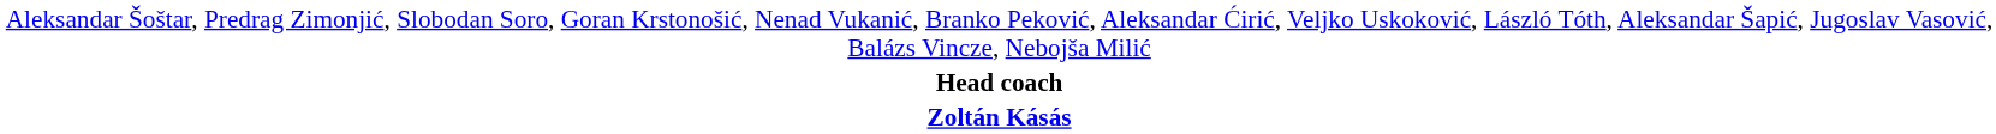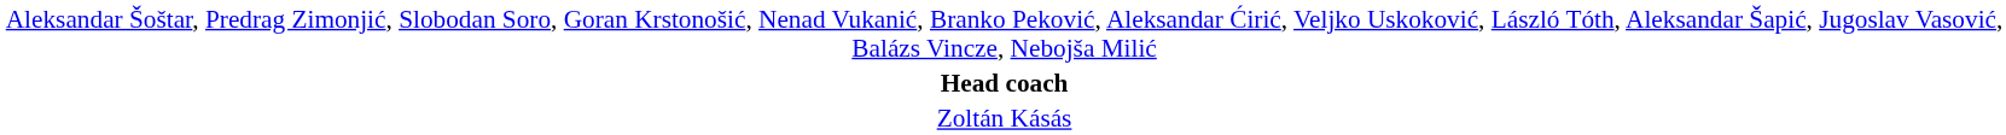 <table style="text-align: center; margin-top: 2em; margin-left: auto; margin-right: auto">
 <tr>
 <td><a href='#'>Aleksandar Šoštar</a>, <a href='#'>Predrag Zimonjić</a>, <a href='#'>Slobodan Soro</a>, <a href='#'>Goran Krstonošić</a>, <a href='#'>Nenad Vukanić</a>, <a href='#'>Branko Peković</a>, <a href='#'>Aleksandar Ćirić</a>, <a href='#'>Veljko Uskoković</a>, <a href='#'>László Tóth</a>, <a href='#'>Aleksandar Šapić</a>, <a href='#'>Jugoslav Vasović</a>, <a href='#'>Balázs Vincze</a>, <a href='#'>Nebojša Milić</a></td>
 </tr>
 <tr>
 <td><strong>Head coach</strong></td>
 </tr>
 <tr>
-<td><strong><a href='#'>Zoltán Kásás</a></strong></td>
+<td><a href='#'>Zoltán Kásás</a></td>
 </tr>
 </table>
